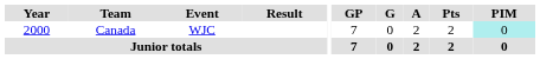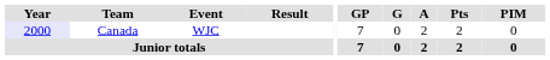 <table border="0" cellpadding="1" cellspacing="0" ID="Table3" style="text-align:center; width:40em">
 <tr ALIGN="center" bgcolor="#e0e0e0">
 <th>Year</th>
 <th>Team</th>
 <th>Event</th>
 <th>Result</th>
 <th rowspan="99" bgcolor="#ffffff"></th>
 <th>GP</th>
 <th>G</th>
 <th>A</th>
 <th>Pts</th>
 <th>PIM</th>
 </tr>
 <tr>
-<td><a href='#'>2000</a></td>
+<td style="background: lavender;"><a href='#'>2000</a></td>
 <td><a href='#'>Canada</a></td>
 <td><a href='#'>WJC</a></td>
 <td></td>
 <td>7</td>
 <td>0</td>
 <td>2</td>
 <td>2</td>
-<td style="background: paleturquoise;">0</td>
+<td>0</td>
 </tr>
 <tr bgcolor="#e0e0e0">
 <th colspan="4">Junior totals</th>
 <th>7</th>
 <th>0</th>
 <th>2</th>
 <th>2</th>
 <th>0</th>
 </tr>
 </table>
